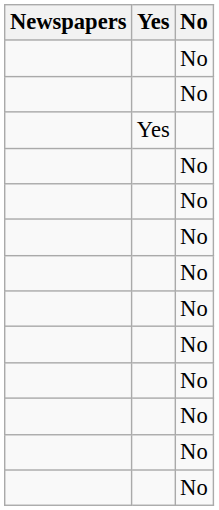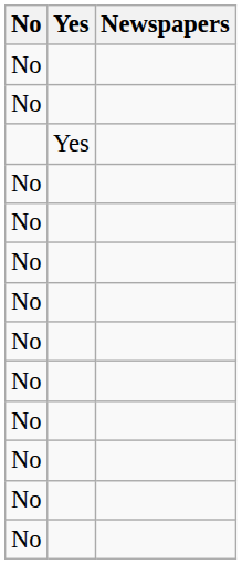 <table class="wikitable">
 <tr>
+<th>No</th>
+<th>Yes</th>
 <th>Newspapers</th>
-<th>Yes</th>
-<th>No</th>
 </tr>
 <tr>
+<td>No</td>
 <td></td>
 <td></td>
-<td>No</td>
 </tr>
 <tr>
+<td>No</td>
 <td></td>
 <td></td>
-<td>No</td>
 </tr>
 <tr>
 <td></td>
 <td>Yes</td>
 <td></td>
 </tr>
 <tr>
+<td>No</td>
 <td></td>
 <td></td>
-<td>No</td>
 </tr>
 <tr>
+<td>No</td>
 <td></td>
 <td></td>
-<td>No</td>
 </tr>
 <tr>
+<td>No</td>
 <td></td>
 <td></td>
-<td>No</td>
 </tr>
 <tr>
+<td>No</td>
 <td></td>
 <td></td>
-<td>No</td>
 </tr>
 <tr>
+<td>No</td>
 <td></td>
 <td></td>
-<td>No</td>
 </tr>
 <tr>
+<td>No</td>
 <td></td>
 <td></td>
-<td>No</td>
 </tr>
 <tr>
+<td>No</td>
 <td></td>
 <td></td>
-<td>No</td>
 </tr>
 <tr>
+<td>No</td>
 <td></td>
 <td></td>
-<td>No</td>
 </tr>
 <tr>
+<td>No</td>
 <td></td>
 <td></td>
-<td>No</td>
 </tr>
 <tr>
+<td>No</td>
 <td></td>
 <td></td>
-<td>No</td>
 </tr>
 </table>
